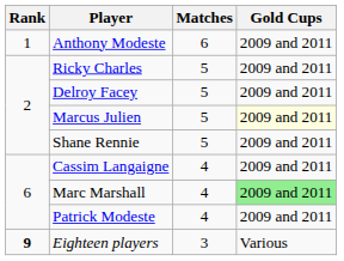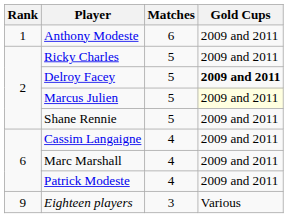 <table class="wikitable" style="text-align: left;">
 <tr>
 <th>Rank</th>
 <th>Player</th>
 <th>Matches</th>
 <th>Gold Cups</th>
 </tr>
 <tr>
 <td align=center>1</td>
 <td><a href='#'>Anthony Modeste</a></td>
 <td align=center>6</td>
 <td>2009 and 2011</td>
 </tr>
 <tr>
 <td rowspan=4 align=center>2</td>
 <td><a href='#'>Ricky Charles</a></td>
 <td align=center>5</td>
 <td>2009 and 2011</td>
 </tr>
 <tr>
 <td><a href='#'>Delroy Facey</a></td>
 <td align=center>5</td>
-<td>2009 and 2011</td>
+<td><strong>2009 and 2011</strong></td>
 </tr>
 <tr>
 <td><a href='#'>Marcus Julien</a></td>
 <td align=center>5</td>
 <td style="background: lightyellow;">2009 and 2011</td>
 </tr>
 <tr>
 <td>Shane Rennie</td>
 <td align=center>5</td>
 <td>2009 and 2011</td>
 </tr>
 <tr>
 <td rowspan=3 align=center>6</td>
 <td><a href='#'>Cassim Langaigne</a></td>
 <td align=center>4</td>
 <td>2009 and 2011</td>
 </tr>
 <tr>
 <td>Marc Marshall</td>
 <td align=center>4</td>
-<td style="background: lightgreen;">2009 and 2011</td>
+<td>2009 and 2011</td>
 </tr>
 <tr>
 <td><a href='#'>Patrick Modeste</a></td>
 <td align=center>4</td>
 <td>2009 and 2011</td>
 </tr>
 <tr>
-<td align=center><strong>9</strong></td>
+<td align=center>9</td>
 <td><em>Eighteen players</em></td>
 <td align=center>3</td>
 <td>Various</td>
 </tr>
 </table>
